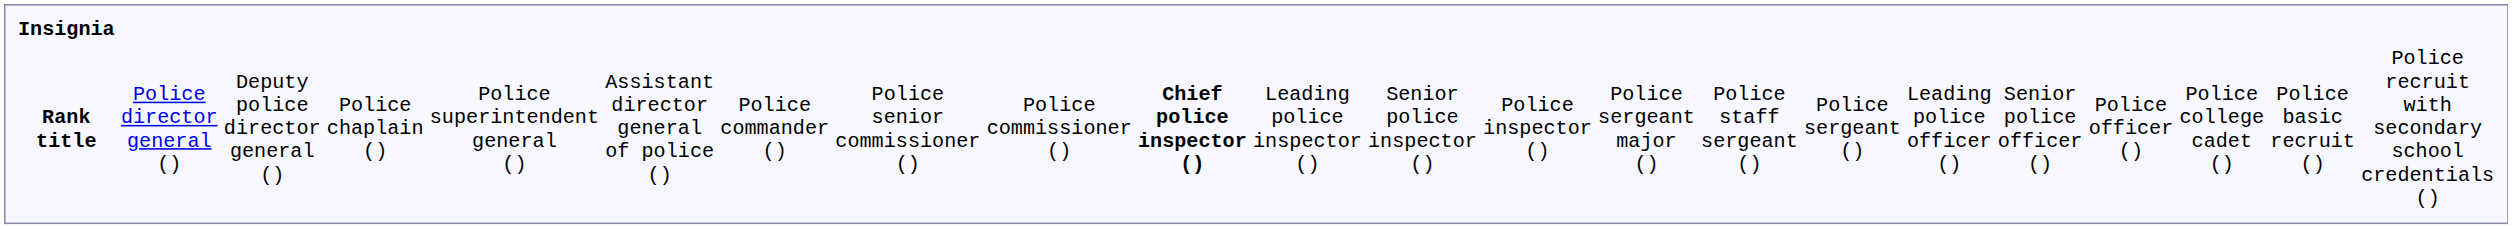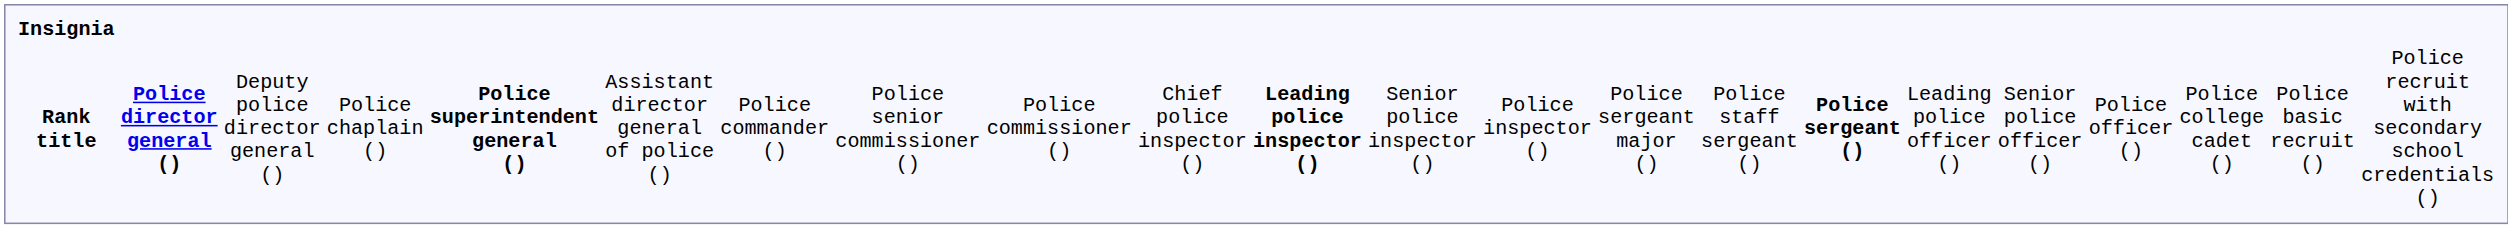 <table style="border:1px solid #8888aa; background-color:#f7f8ff; padding:5px; font-size:100%; margin: 0px 12px 12px 0px;">
 <tr style="text-align:center;">
 <th>Insignia</th>
 <td></td>
 <td></td>
 <td></td>
 <td></td>
 <td></td>
 <td></td>
 <td></td>
 <td></td>
 <td></td>
 <td></td>
 <td></td>
 <td></td>
 <td></td>
 <td></td>
 <td></td>
 <td></td>
 <td></td>
 <td></td>
 <td></td>
 <td></td>
 <td></td>
 </tr>
 <tr style="text-align:center;">
 <th>Rank title</th>
-<td><a href='#'>Police director general</a><br>()</td>
+<td><strong><a href='#'>Police director general</a><br>()</strong></td>
 <td>Deputy police director general<br>()</td>
 <td>Police chaplain<br>()</td>
-<td>Police superintendent general<br>()</td>
+<td><strong>Police superintendent general<br>()</strong></td>
 <td>Assistant director general of police<br>()</td>
 <td>Police commander<br>()</td>
 <td>Police senior commissioner<br>()</td>
 <td>Police commissioner<br>()</td>
-<td><strong>Chief police inspector<br>()</strong></td>
-<td>Leading police inspector<br>()</td>
+<td>Chief police inspector<br>()</td>
+<td><strong>Leading police inspector<br>()</strong></td>
 <td>Senior police inspector<br>()</td>
 <td>Police inspector<br>()</td>
 <td>Police sergeant major<br>()</td>
 <td>Police staff sergeant<br>()</td>
-<td>Police sergeant<br>()</td>
+<td><strong>Police sergeant<br>()</strong></td>
 <td>Leading police officer<br>()</td>
 <td>Senior police officer<br>()</td>
 <td>Police officer<br>()</td>
 <td>Police college cadet<br>()</td>
 <td>Police basic recruit<br>()</td>
 <td>Police recruit with secondary school credentials<br>()</td>
 </tr>
 </table>
